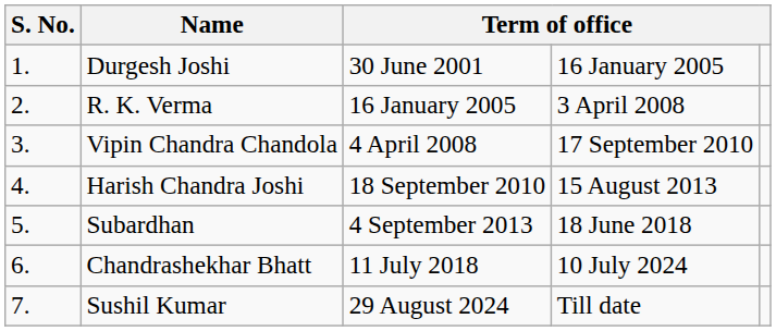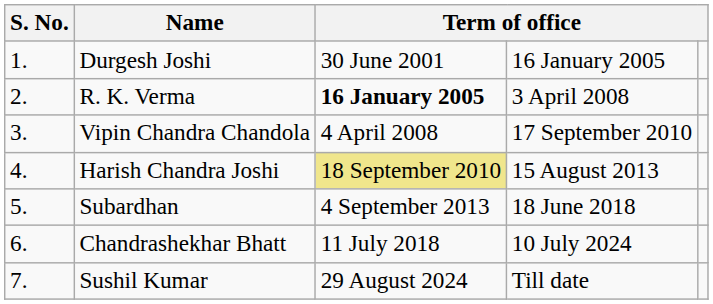 <table class="wikitable" ;">
 <tr>
 <th>S. No.</th>
 <th>Name</th>
 <th colspan="3">Term of office</th>
 </tr>
 <tr>
 <td>1.</td>
 <td>Durgesh Joshi<br></td>
 <td>30 June 2001</td>
 <td>16 January 2005</td>
 <td></td>
 </tr>
 <tr>
 <td>2.</td>
 <td>R. K. Verma<br></td>
-<td>16 January 2005</td>
+<td><strong>16 January 2005</strong></td>
 <td>3 April 2008</td>
 <td></td>
 </tr>
 <tr>
 <td>3.</td>
 <td>Vipin Chandra Chandola<br></td>
 <td>4 April 2008</td>
 <td>17 September 2010</td>
 <td></td>
 </tr>
 <tr>
 <td>4.</td>
 <td>Harish Chandra Joshi<br></td>
-<td>18 September 2010</td>
+<td style="background: khaki;">18 September 2010</td>
 <td>15 August 2013</td>
 <td></td>
 </tr>
 <tr>
 <td>5.</td>
 <td>Subardhan<br></td>
 <td>4 September 2013</td>
 <td>18 June 2018</td>
 <td></td>
 </tr>
 <tr>
 <td>6.</td>
 <td>Chandrashekhar Bhatt<br></td>
 <td>11 July 2018</td>
 <td>10 July 2024</td>
 <td></td>
 </tr>
 <tr>
 <td>7.</td>
 <td>Sushil Kumar<br> </td>
 <td>29 August 2024</td>
 <td>Till date</td>
 <td></td>
 </tr>
 </table>
